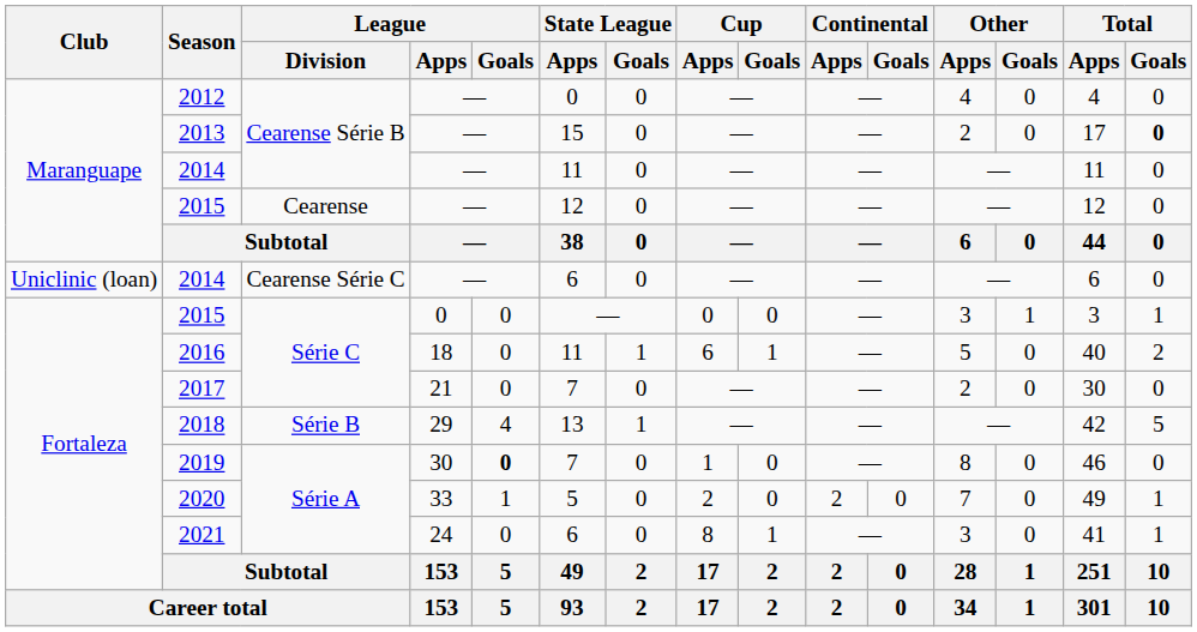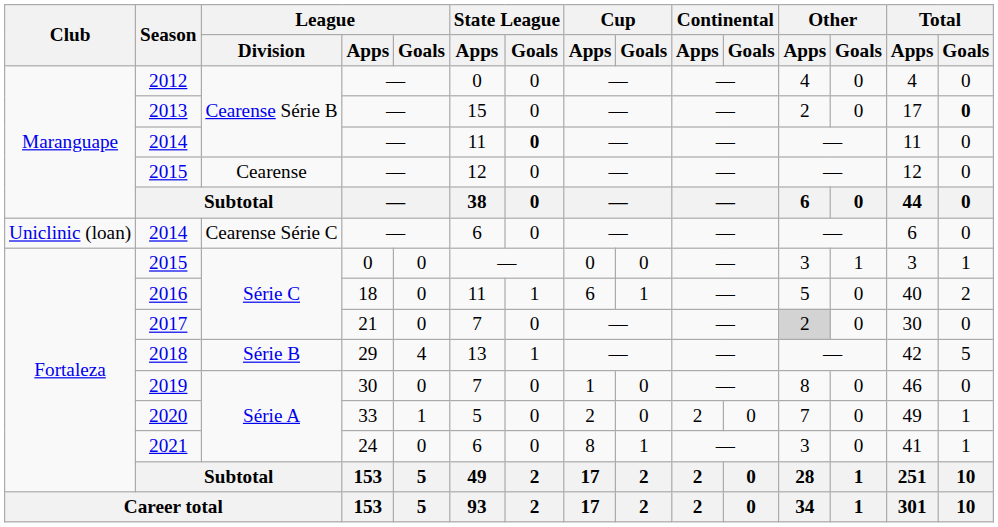 <table class="wikitable" style="text-align: center;">
 <tr>
 <th rowspan="2">Club</th>
 <th rowspan="2">Season</th>
 <th colspan="3">League</th>
 <th colspan="2">State League</th>
 <th colspan="2">Cup</th>
 <th colspan="2">Continental</th>
 <th colspan="2">Other</th>
 <th colspan="2">Total</th>
 </tr>
 <tr>
 <th>Division</th>
 <th>Apps</th>
 <th>Goals</th>
 <th>Apps</th>
 <th>Goals</th>
 <th>Apps</th>
 <th>Goals</th>
 <th>Apps</th>
 <th>Goals</th>
 <th>Apps</th>
 <th>Goals</th>
 <th>Apps</th>
 <th>Goals</th>
 </tr>
 <tr>
 <td rowspan="5" valign="center"><a href='#'>Maranguape</a></td>
 <td><a href='#'>2012</a></td>
 <td rowspan="3"><a href='#'>Cearense</a> Série B</td>
 <td colspan="2">—</td>
 <td>0</td>
 <td>0</td>
 <td colspan="2">—</td>
 <td colspan="2">—</td>
 <td>4</td>
 <td>0</td>
 <td>4</td>
 <td>0</td>
 </tr>
 <tr>
 <td><a href='#'>2013</a></td>
 <td colspan="2">—</td>
 <td>15</td>
 <td>0</td>
 <td colspan="2">—</td>
 <td colspan="2">—</td>
 <td>2</td>
 <td>0</td>
 <td>17</td>
 <td><strong>0</strong></td>
 </tr>
 <tr>
 <td><a href='#'>2014</a></td>
 <td colspan="2">—</td>
 <td>11</td>
-<td>0</td>
+<td><strong>0</strong></td>
 <td colspan="2">—</td>
 <td colspan="2">—</td>
 <td colspan="2">—</td>
 <td>11</td>
 <td>0</td>
 </tr>
 <tr>
 <td><a href='#'>2015</a></td>
 <td>Cearense</td>
 <td colspan="2">—</td>
 <td>12</td>
 <td>0</td>
 <td colspan="2">—</td>
 <td colspan="2">—</td>
 <td colspan="2">—</td>
 <td>12</td>
 <td>0</td>
 </tr>
 <tr>
 <th colspan="2">Subtotal</th>
 <th colspan="2">—</th>
 <th>38</th>
 <th>0</th>
 <th colspan="2">—</th>
 <th colspan="2">—</th>
 <th>6</th>
 <th>0</th>
 <th>44</th>
 <th>0</th>
 </tr>
 <tr>
 <td valign="center"><a href='#'>Uniclinic</a> (loan)</td>
 <td><a href='#'>2014</a></td>
 <td>Cearense Série C</td>
 <td colspan="2">—</td>
 <td>6</td>
 <td>0</td>
 <td colspan="2">—</td>
 <td colspan="2">—</td>
 <td colspan="2">—</td>
 <td>6</td>
 <td>0</td>
 </tr>
 <tr>
 <td rowspan="8" valign="center"><a href='#'>Fortaleza</a></td>
 <td><a href='#'>2015</a></td>
 <td rowspan="3"><a href='#'>Série C</a></td>
 <td>0</td>
 <td>0</td>
 <td colspan="2">—</td>
 <td>0</td>
 <td>0</td>
 <td colspan="2">—</td>
 <td>3</td>
 <td>1</td>
 <td>3</td>
 <td>1</td>
 </tr>
 <tr>
 <td><a href='#'>2016</a></td>
 <td>18</td>
 <td>0</td>
 <td>11</td>
 <td>1</td>
 <td>6</td>
 <td>1</td>
 <td colspan="2">—</td>
 <td>5</td>
 <td>0</td>
 <td>40</td>
 <td>2</td>
 </tr>
 <tr>
 <td><a href='#'>2017</a></td>
 <td>21</td>
 <td>0</td>
 <td>7</td>
 <td>0</td>
 <td colspan="2">—</td>
 <td colspan="2">—</td>
-<td>2</td>
+<td style="background: lightgrey;">2</td>
 <td>0</td>
 <td>30</td>
 <td>0</td>
 </tr>
 <tr>
 <td><a href='#'>2018</a></td>
 <td><a href='#'>Série B</a></td>
 <td>29</td>
 <td>4</td>
 <td>13</td>
 <td>1</td>
 <td colspan="2">—</td>
 <td colspan="2">—</td>
 <td colspan="2">—</td>
 <td>42</td>
 <td>5</td>
 </tr>
 <tr>
 <td><a href='#'>2019</a></td>
 <td rowspan="3"><a href='#'>Série A</a></td>
 <td>30</td>
-<td><strong>0</strong></td>
+<td>0</td>
 <td>7</td>
 <td>0</td>
 <td>1</td>
 <td>0</td>
 <td colspan="2">—</td>
 <td>8</td>
 <td>0</td>
 <td>46</td>
 <td>0</td>
 </tr>
 <tr>
 <td><a href='#'>2020</a></td>
 <td>33</td>
 <td>1</td>
 <td>5</td>
 <td>0</td>
 <td>2</td>
 <td>0</td>
 <td>2</td>
 <td>0</td>
 <td>7</td>
 <td>0</td>
 <td>49</td>
 <td>1</td>
 </tr>
 <tr>
 <td><a href='#'>2021</a></td>
 <td>24</td>
 <td>0</td>
 <td>6</td>
 <td>0</td>
 <td>8</td>
 <td>1</td>
 <td colspan="2">—</td>
 <td>3</td>
 <td>0</td>
 <td>41</td>
 <td>1</td>
 </tr>
 <tr>
 <th colspan="2">Subtotal</th>
 <th>153</th>
 <th>5</th>
 <th>49</th>
 <th>2</th>
 <th>17</th>
 <th>2</th>
 <th>2</th>
 <th>0</th>
 <th>28</th>
 <th>1</th>
 <th>251</th>
 <th>10</th>
 </tr>
 <tr>
 <th colspan="3"><strong>Career total</strong></th>
 <th>153</th>
 <th>5</th>
 <th>93</th>
 <th>2</th>
 <th>17</th>
 <th>2</th>
 <th>2</th>
 <th>0</th>
 <th>34</th>
 <th>1</th>
 <th>301</th>
 <th>10</th>
 </tr>
 </table>
